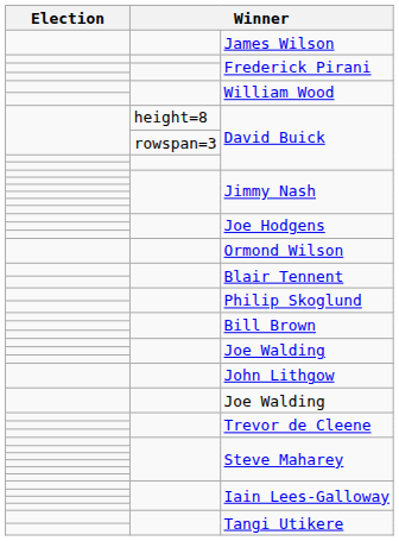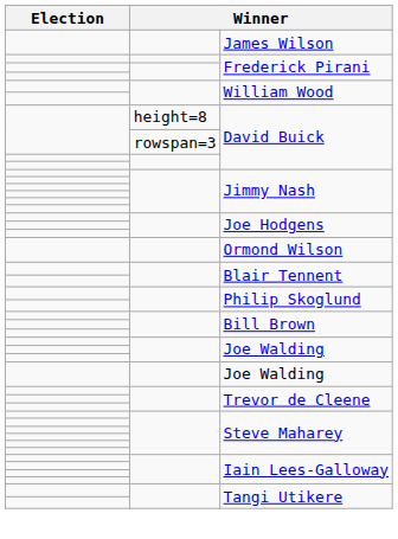 <table class=wikitable>
 <tr>
 <th width=100>Election</th>
 <th width=175 colspan=2>Winner</th>
 </tr>
 <tr>
 <td></td>
 <td rowspan=1 width=5 bgcolor=></td>
 <td rowspan=1><a href='#'>James Wilson</a></td>
 </tr>
 <tr>
 <td></td>
 <td bgcolor=></td>
 <td rowspan=3><a href='#'>Frederick Pirani</a></td>
 </tr>
 <tr>
 <td></td>
 <td rowspan=2 bgcolor=></td>
 </tr>
 <tr>
 <td></td>
 </tr>
 <tr>
 <td></td>
 <td rowspan=2 bgcolor=></td>
 <td rowspan=2><a href='#'>William Wood</a></td>
 </tr>
 <tr>
 <td></td>
 </tr>
 <tr>
 <td rowspan=2></td>
 <td>height=8 </td>
 <td rowspan=4><a href='#'>David Buick</a></td>
 </tr>
 <tr>
 <td>rowspan=3 </td>
 </tr>
 <tr>
 <td></td>
 </tr>
 <tr>
 <td></td>
 </tr>
 <tr>
 <td></td>
 <td rowspan=6 bgcolor=></td>
 <td rowspan=6><a href='#'>Jimmy Nash</a></td>
 </tr>
 <tr>
 <td></td>
 </tr>
 <tr>
 <td></td>
 </tr>
 <tr>
 <td></td>
 </tr>
 <tr>
 <td></td>
 </tr>
 <tr>
 <td></td>
 </tr>
 <tr>
 <td></td>
 <td rowspan=3 bgcolor=></td>
 <td rowspan=3><a href='#'>Joe Hodgens</a></td>
 </tr>
 <tr>
 <td></td>
 </tr>
 <tr>
 <td></td>
 </tr>
 <tr>
 <td></td>
 <td rowspan=1 bgcolor=></td>
 <td rowspan=1><a href='#'>Ormond Wilson</a></td>
 </tr>
 <tr>
 <td></td>
 <td rowspan=2 bgcolor=></td>
 <td rowspan=2><a href='#'>Blair Tennent</a></td>
 </tr>
 <tr>
 <td></td>
 </tr>
 <tr>
 <td></td>
 <td rowspan=2 bgcolor=></td>
 <td rowspan=2><a href='#'>Philip Skoglund</a></td>
 </tr>
 <tr>
 <td></td>
 </tr>
 <tr>
 <td></td>
 <td rowspan=3 bgcolor=></td>
 <td rowspan=3><a href='#'>Bill Brown</a></td>
 </tr>
 <tr>
 <td></td>
 </tr>
 <tr>
 <td></td>
 </tr>
 <tr>
 <td></td>
 <td rowspan=3 bgcolor=></td>
 <td rowspan=3><a href='#'>Joe Walding</a></td>
 </tr>
 <tr>
 <td></td>
 </tr>
 <tr>
 <td></td>
 </tr>
 <tr>
 <td></td>
 <td rowspan=1 bgcolor=></td>
-<td rowspan=1><a href='#'>John Lithgow</a></td>
-</tr>
-<tr>
-<td></td>
-<td rowspan=1 bgcolor=></td>
 <td rowspan=1>Joe Walding</td>
 </tr>
 <tr>
 <td></td>
 <td rowspan=3 bgcolor=></td>
 <td rowspan=3><a href='#'>Trevor de Cleene</a></td>
 </tr>
 <tr>
 <td></td>
 </tr>
 <tr>
 <td></td>
 </tr>
 <tr>
 <td></td>
 <td rowspan=6 bgcolor=></td>
 <td rowspan=6><a href='#'>Steve Maharey</a></td>
 </tr>
 <tr>
 <td></td>
 </tr>
 <tr>
 <td></td>
 </tr>
 <tr>
 <td></td>
 </tr>
 <tr>
 <td></td>
 </tr>
 <tr>
 <td></td>
 </tr>
 <tr>
 <td></td>
 <td rowspan=4 bgcolor=></td>
 <td rowspan=4><a href='#'>Iain Lees-Galloway</a></td>
 </tr>
 <tr>
 <td></td>
 </tr>
 <tr>
 <td></td>
 </tr>
 <tr>
 <td></td>
 </tr>
 <tr>
 <td></td>
 <td rowspan=2 bgcolor=></td>
 <td rowspan=2><a href='#'>Tangi Utikere</a></td>
 </tr>
 <tr>
 <td></td>
 </tr>
 </table>
